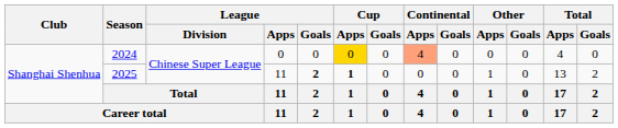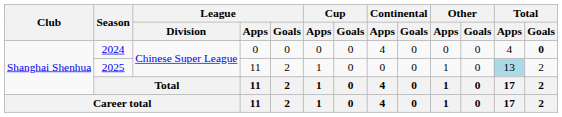 <table class="wikitable" style="text-align: center">
 <tr>
 <th rowspan="2">Club</th>
 <th rowspan="2">Season</th>
 <th colspan="3">League</th>
 <th colspan="2">Cup</th>
 <th colspan="2">Continental</th>
 <th colspan="2">Other</th>
 <th colspan="2">Total</th>
 </tr>
 <tr>
 <th>Division</th>
 <th>Apps</th>
 <th>Goals</th>
 <th>Apps</th>
 <th>Goals</th>
 <th>Apps</th>
 <th>Goals</th>
 <th>Apps</th>
 <th>Goals</th>
 <th>Apps</th>
 <th>Goals</th>
 </tr>
 <tr>
 <td rowspan="3"><a href='#'>Shanghai Shenhua</a></td>
 <td><a href='#'>2024</a></td>
 <td rowspan="2"><a href='#'>Chinese Super League</a></td>
 <td>0</td>
 <td>0</td>
-<td style="background: gold;">0</td>
 <td>0</td>
-<td style="background: lightsalmon;">4</td>
+<td>0</td>
+<td>4</td>
 <td>0</td>
 <td>0</td>
 <td>0</td>
 <td>4</td>
-<td>0</td>
+<td><strong>0</strong></td>
 </tr>
 <tr>
 <td><a href='#'>2025</a></td>
 <td>11</td>
-<td><strong>2</strong></td>
-<td><strong>1</strong></td>
+<td>2</td>
+<td>1</td>
 <td>0</td>
 <td>0</td>
 <td>0</td>
 <td>1</td>
 <td>0</td>
-<td>13</td>
+<td style="background: lightblue;">13</td>
 <td>2</td>
 </tr>
 <tr>
 <th colspan=2>Total</th>
 <th>11</th>
 <th>2</th>
 <th>1</th>
 <th>0</th>
 <th>4</th>
 <th>0</th>
 <th>1</th>
 <th>0</th>
 <th>17</th>
 <th>2</th>
 </tr>
 <tr>
 <th colspan=3>Career total</th>
 <th>11</th>
 <th>2</th>
 <th>1</th>
 <th>0</th>
 <th>4</th>
 <th>0</th>
 <th>1</th>
 <th>0</th>
 <th>17</th>
 <th>2</th>
 </tr>
 </table>
